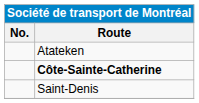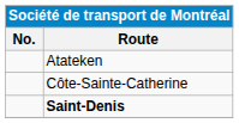 <table align=center class="wikitable">
 <tr>
 <th style="background: #0085CA; font-size:100%; color:#FFFFFF;"colspan="4">Société de transport de Montréal</th>
 </tr>
 <tr>
 <th>No.</th>
 <th>Route</th>
 </tr>
 <tr>
 <td></td>
 <td>Atateken</td>
 </tr>
 <tr>
 <td></td>
-<td><strong>Côte-Sainte-Catherine</strong></td>
+<td>Côte-Sainte-Catherine</td>
 </tr>
 <tr>
 <td {{Avoid wrap> </td>
-<td>Saint-Denis</td>
+<td><strong>Saint-Denis</strong></td>
 </tr>
 <tr>
 </tr>
 </table>
